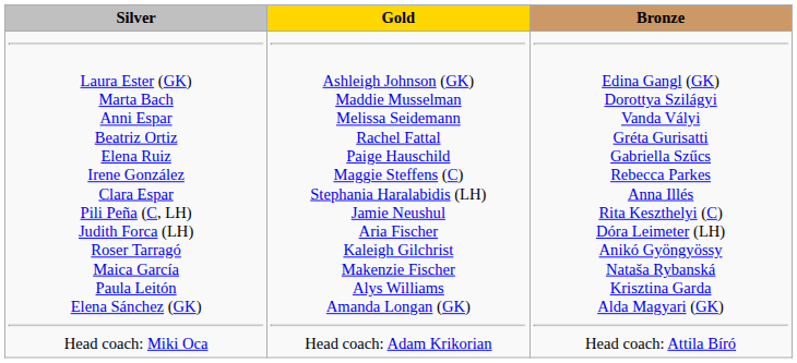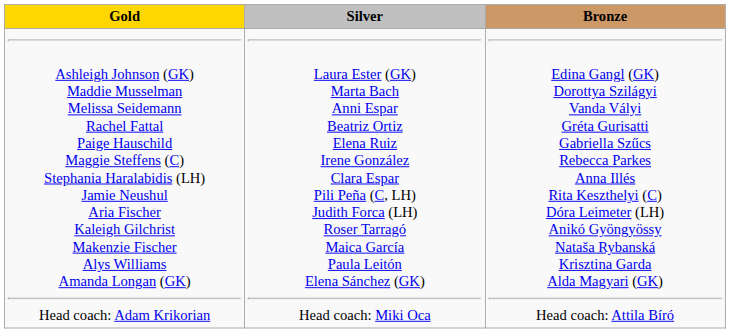 <table class="wikitable" style="text-align:center; font-size: 95%;">
 <tr>
+<td style="width: 16em;background: gold"><strong>Gold</strong></td>
 <td style="width: 16em;background: silver"><strong>Silver</strong></td>
-<td style="width: 16em;background: gold"><strong>Gold</strong></td>
 <td style="width: 16em;background: #CC9966"><strong>Bronze</strong></td>
 </tr>
 <tr>
+<td><hr><br><a href='#'>Ashleigh Johnson</a> (<a href='#'>GK</a>)<br><a href='#'>Maddie Musselman</a><br><a href='#'>Melissa Seidemann</a><br><a href='#'>Rachel Fattal</a><br><a href='#'>Paige Hauschild</a><br><a href='#'>Maggie Steffens</a> (<a href='#'>C</a>)<br><a href='#'>Stephania Haralabidis</a> (LH)<br><a href='#'>Jamie Neushul</a><br><a href='#'>Aria Fischer</a><br><a href='#'>Kaleigh Gilchrist</a><br><a href='#'>Makenzie Fischer</a><br><a href='#'>Alys Williams</a><br><a href='#'>Amanda Longan</a> (<a href='#'>GK</a>)<br><hr>Head coach: <a href='#'>Adam Krikorian</a></td>
 <td><hr><br><a href='#'>Laura Ester</a> (<a href='#'>GK</a>)<br><a href='#'>Marta Bach</a><br><a href='#'>Anni Espar</a><br><a href='#'>Beatriz Ortiz</a><br><a href='#'>Elena Ruiz</a><br><a href='#'>Irene González</a><br><a href='#'>Clara Espar</a><br><a href='#'>Pili Peña</a> (<a href='#'>C</a>, LH)<br><a href='#'>Judith Forca</a> (LH)<br><a href='#'>Roser Tarragó</a><br><a href='#'>Maica García</a><br><a href='#'>Paula Leitón</a><br><a href='#'>Elena Sánchez</a> (<a href='#'>GK</a>)<br><hr>Head coach: <a href='#'>Miki Oca</a></td>
-<td><hr><br><a href='#'>Ashleigh Johnson</a> (<a href='#'>GK</a>)<br><a href='#'>Maddie Musselman</a><br><a href='#'>Melissa Seidemann</a><br><a href='#'>Rachel Fattal</a><br><a href='#'>Paige Hauschild</a><br><a href='#'>Maggie Steffens</a> (<a href='#'>C</a>)<br><a href='#'>Stephania Haralabidis</a> (LH)<br><a href='#'>Jamie Neushul</a><br><a href='#'>Aria Fischer</a><br><a href='#'>Kaleigh Gilchrist</a><br><a href='#'>Makenzie Fischer</a><br><a href='#'>Alys Williams</a><br><a href='#'>Amanda Longan</a> (<a href='#'>GK</a>)<br><hr>Head coach: <a href='#'>Adam Krikorian</a></td>
 <td><hr><br><a href='#'>Edina Gangl</a> (<a href='#'>GK</a>)<br><a href='#'>Dorottya Szilágyi</a><br><a href='#'>Vanda Vályi</a><br><a href='#'>Gréta Gurisatti</a><br><a href='#'>Gabriella Szűcs</a><br><a href='#'>Rebecca Parkes</a><br><a href='#'>Anna Illés</a><br><a href='#'>Rita Keszthelyi</a> (<a href='#'>C</a>)<br><a href='#'>Dóra Leimeter</a> (LH)<br><a href='#'>Anikó Gyöngyössy</a><br><a href='#'>Nataša Rybanská</a><br><a href='#'>Krisztina Garda</a><br><a href='#'>Alda Magyari</a> (<a href='#'>GK</a>)<br><hr>Head coach: <a href='#'>Attila Bíró</a></td>
 </tr>
 </table>
